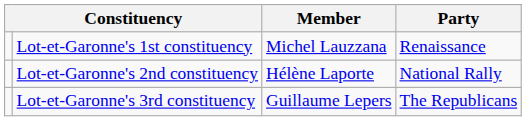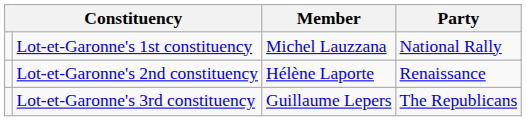 <table class="wikitable">
 <tr>
 <th colspan="2">Constituency</th>
 <th>Member</th>
 <th>Party</th>
 </tr>
 <tr>
 <td style="background-color: "></td>
 <td><a href='#'>Lot-et-Garonne's 1st constituency</a></td>
 <td><a href='#'>Michel Lauzzana</a></td>
-<td><a href='#'>Renaissance</a></td>
+<td><a href='#'>National Rally</a></td>
 </tr>
 <tr>
 <td style="background-color: "></td>
 <td><a href='#'>Lot-et-Garonne's 2nd constituency</a></td>
 <td><a href='#'>Hélène Laporte</a></td>
-<td><a href='#'>National Rally</a></td>
+<td><a href='#'>Renaissance</a></td>
 </tr>
 <tr>
 <td style="background-color: "></td>
 <td><a href='#'>Lot-et-Garonne's 3rd constituency</a></td>
 <td><a href='#'>Guillaume Lepers</a></td>
 <td><a href='#'>The Republicans</a></td>
 </tr>
 </table>
